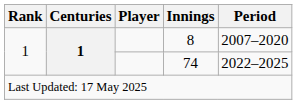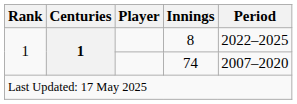 <table class="wikitable plainrowheaders sortable">
 <tr>
 <th scope=col>Rank</th>
 <th scope=col>Centuries</th>
 <th scope=col>Player</th>
 <th scope=col>Innings</th>
 <th scope=col>Period</th>
 </tr>
 <tr>
 <td align=center rowspan=2>1</td>
 <th scope=row style=text-align:center; rowspan=2>1</th>
 <td></td>
 <td align=center>8</td>
-<td>2007–2020</td>
+<td>2022–2025</td>
 </tr>
 <tr>
 <td></td>
 <td align=center>74</td>
-<td>2022–2025</td>
+<td>2007–2020</td>
 </tr>
 <tr class=sortbottom>
 <td colspan=6><small>Last Updated: 17 May 2025</small></td>
 </tr>
 </table>
